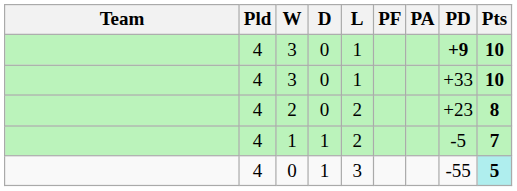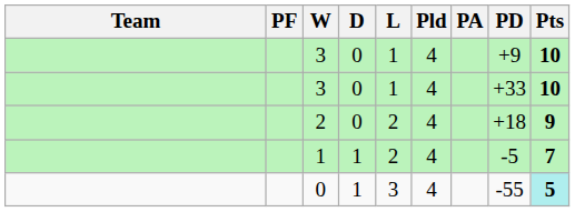 <table class="wikitable" style="text-align:center;">
 <tr>
 <th width=190>Team</th>
-<th width=20 abbr="Played">Pld</th>
+<th width=20 abbr="Points for">PF</th>
 <th width=20 abbr="Won">W</th>
 <th width=20 abbr="Drawn">D</th>
 <th width=20 abbr="Lost">L</th>
-<th width=20 abbr="Points for">PF</th>
+<th width=20 abbr="Played">Pld</th>
 <th width=20 abbr="Points against">PA</th>
 <th width=25 abbr="Points difference">PD</th>
 <th width=20 abbr="Points">Pts</th>
 </tr>
 <tr bgcolor=BBF3BB>
 <td align=left></td>
-<td>4</td>
+<td></td>
 <td>3</td>
 <td>0</td>
 <td>1</td>
+<td>4</td>
 <td></td>
-<td></td>
-<td><strong>+9</strong></td>
+<td>+9</td>
 <td><strong>10</strong></td>
 </tr>
 <tr bgcolor=BBF3BB>
 <td align=left></td>
-<td>4</td>
+<td></td>
 <td>3</td>
 <td>0</td>
 <td>1</td>
-<td></td>
+<td>4</td>
 <td></td>
 <td>+33</td>
 <td><strong>10</strong></td>
 </tr>
 <tr bgcolor=BBF3BB>
 <td align=left></td>
-<td>4</td>
+<td></td>
 <td>2</td>
 <td>0</td>
 <td>2</td>
+<td>4</td>
 <td></td>
-<td></td>
-<td>+23</td>
-<td><strong>8</strong></td>
+<td>+18</td>
+<td><strong>9</strong></td>
 </tr>
 <tr bgcolor=BBF3BB>
 <td align=left></td>
-<td>4</td>
+<td></td>
 <td>1</td>
 <td>1</td>
 <td>2</td>
-<td></td>
+<td>4</td>
 <td></td>
 <td>-5</td>
 <td><strong>7</strong></td>
 </tr>
 <tr>
 <td align=left></td>
-<td>4</td>
+<td></td>
 <td>0</td>
 <td>1</td>
 <td>3</td>
-<td></td>
+<td>4</td>
 <td></td>
 <td>-55</td>
 <td style="background: paleturquoise;"><strong>5</strong></td>
 </tr>
 </table>
